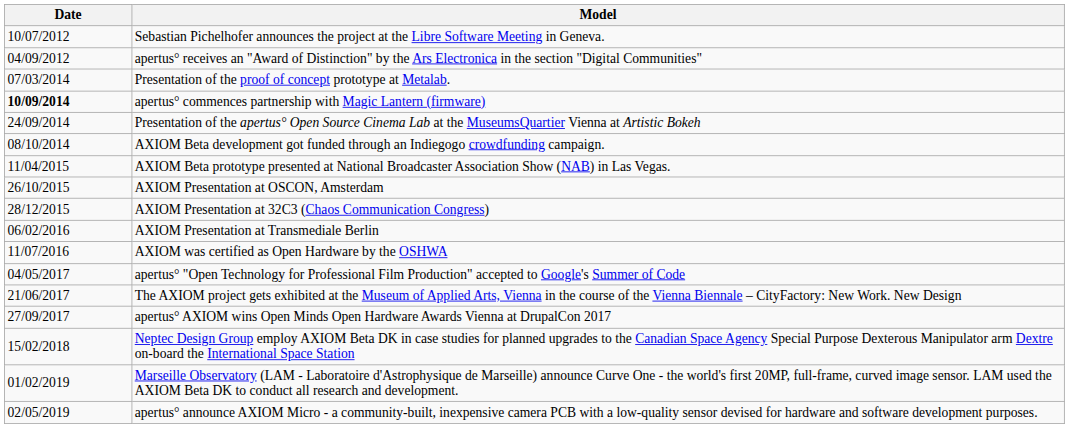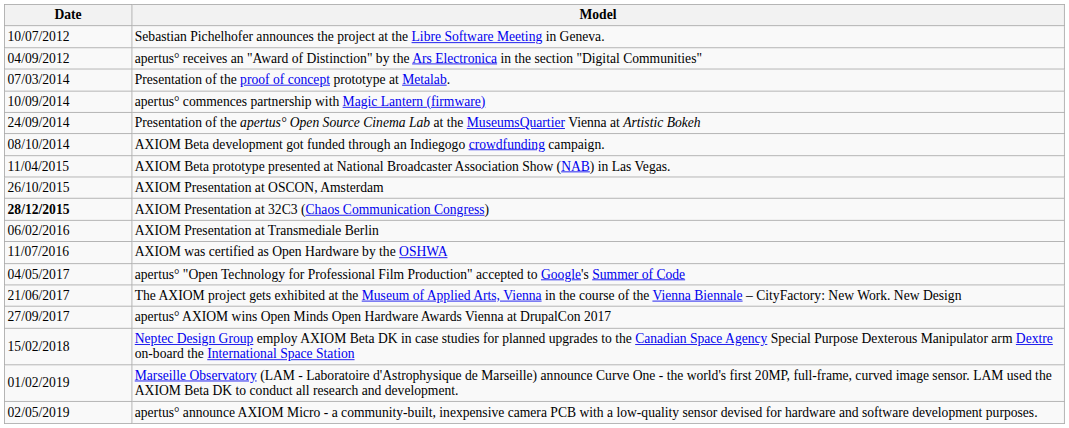 <table class="wikitable">
 <tr>
 <th width=12%>Date</th>
 <th>Model</th>
 </tr>
 <tr>
 <td>10/07/2012</td>
 <td>Sebastian Pichelhofer announces the project at the <a href='#'>Libre Software Meeting</a> in Geneva.</td>
 </tr>
 <tr>
 <td>04/09/2012</td>
 <td>apertus° receives an "Award of Distinction" by the <a href='#'>Ars Electronica</a> in the section "Digital Communities"</td>
 </tr>
 <tr>
 <td>07/03/2014</td>
 <td>Presentation of the <a href='#'>proof of concept</a> prototype at <a href='#'>Metalab</a>.</td>
 </tr>
 <tr>
-<td><strong>10/09/2014</strong></td>
+<td>10/09/2014</td>
 <td>apertus° commences partnership with <a href='#'>Magic Lantern (firmware)</a></td>
 </tr>
 <tr>
 <td>24/09/2014</td>
 <td>Presentation of the <em>apertus° Open Source Cinema Lab</em> at the <a href='#'>MuseumsQuartier</a> Vienna at <em>Artistic Bokeh</em></td>
 </tr>
 <tr>
 <td>08/10/2014</td>
 <td>AXIOM Beta development got funded through an Indiegogo <a href='#'>crowdfunding</a> campaign.</td>
 </tr>
 <tr>
 <td>11/04/2015</td>
 <td>AXIOM Beta prototype presented at National Broadcaster Association Show (<a href='#'>NAB</a>) in Las Vegas.</td>
 </tr>
 <tr>
 <td>26/10/2015</td>
 <td>AXIOM Presentation at OSCON, Amsterdam</td>
 </tr>
 <tr>
-<td>28/12/2015</td>
+<td><strong>28/12/2015</strong></td>
 <td>AXIOM Presentation at 32C3 (<a href='#'>Chaos Communication Congress</a>)</td>
 </tr>
 <tr>
 <td>06/02/2016</td>
 <td>AXIOM Presentation at Transmediale Berlin</td>
 </tr>
 <tr>
 <td>11/07/2016</td>
 <td>AXIOM was certified as Open Hardware by the <a href='#'>OSHWA</a></td>
 </tr>
 <tr>
 <td>04/05/2017</td>
 <td>apertus° "Open Technology for Professional Film Production" accepted to <a href='#'>Google</a>'s <a href='#'>Summer of Code</a></td>
 </tr>
 <tr>
 <td>21/06/2017</td>
 <td>The AXIOM project gets exhibited at the <a href='#'>Museum of Applied Arts, Vienna</a> in the course of the <a href='#'>Vienna Biennale</a> – CityFactory: New Work. New Design</td>
 </tr>
 <tr>
 <td>27/09/2017</td>
 <td>apertus° AXIOM wins Open Minds Open Hardware Awards Vienna at DrupalCon 2017</td>
 </tr>
 <tr>
 <td>15/02/2018</td>
 <td><a href='#'>Neptec Design Group</a> employ AXIOM Beta DK in case studies for planned upgrades to the <a href='#'>Canadian Space Agency</a> Special Purpose Dexterous Manipulator arm <a href='#'>Dextre</a> on-board the <a href='#'>International Space Station</a></td>
 </tr>
 <tr>
 <td>01/02/2019</td>
 <td><a href='#'>Marseille Observatory</a> (LAM - Laboratoire d'Astrophysique de Marseille) announce Curve One - the world's first 20MP, full-frame, curved image sensor. LAM used the AXIOM Beta DK to conduct all research and development.</td>
 </tr>
 <tr>
 <td>02/05/2019</td>
 <td>apertus° announce AXIOM Micro - a community-built, inexpensive camera PCB with a low-quality sensor devised for hardware and software development purposes.</td>
 </tr>
 </table>
